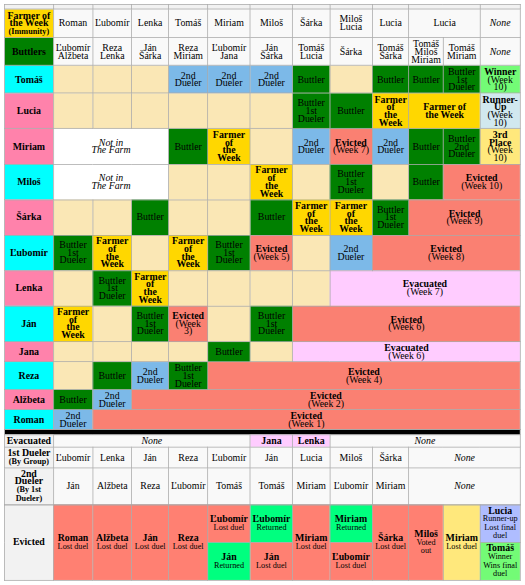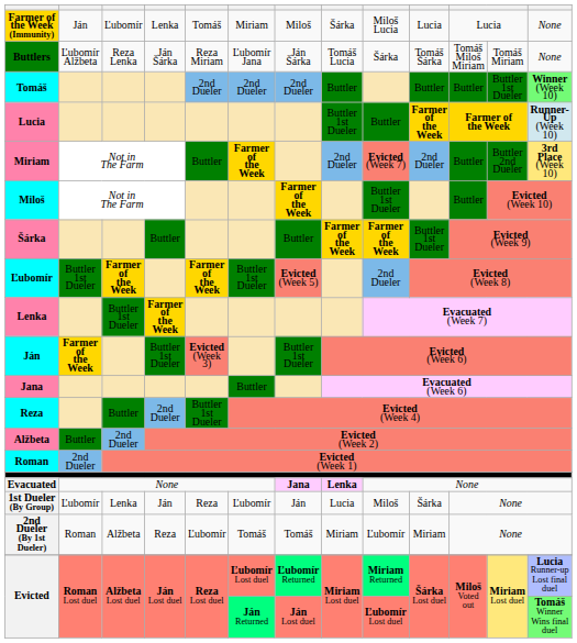 <table class="wikitable" style="text-align:center; width:80%; font-size:80%; line-height:10px">
 <tr>
 <th></th>
 <th></th>
 <th></th>
 <th></th>
 <th></th>
 <th></th>
 <th></th>
 <th></th>
 <th></th>
 <th></th>
 <th colspan=2></th>
 <th></th>
 </tr>
 <tr>
 <th style="background:gold;" colspan=1>Farmer of the Week<br><small>(Immunity)</small></th>
-<td>Roman</td>
+<td>Ján</td>
 <td>Ľubomír</td>
 <td>Lenka</td>
 <td>Tomáš</td>
 <td>Miriam</td>
 <td>Miloš</td>
 <td>Šárka</td>
 <td>Miloš<br>Lucia</td>
 <td>Lucia</td>
 <td colspan=2>Lucia</td>
 <td><em>None</em></td>
 </tr>
 <tr>
 <th style="background:#008000;">Buttlers</th>
 <td>Ľubomír<br>Alžbeta</td>
 <td>Reza<br>Lenka</td>
 <td>Ján<br>Šárka</td>
 <td>Reza<br>Miriam</td>
 <td>Ľubomír<br>Jana</td>
 <td>Ján<br>Šárka</td>
 <td>Tomáš<br>Lucia</td>
 <td>Šárka</td>
 <td>Tomáš<br>Šárka</td>
 <td>Tomáš<br>Miloš<br>Miriam</td>
 <td>Tomáš<br>Miriam</td>
 <td colspan=2><em>None</em></td>
 </tr>
 <tr>
 <th style="background:cyan;">Tomáš</th>
 <td style="background:#FAE7B5;"></td>
 <td style="background:#FAE7B5;"></td>
 <td style="background:#FAE7B5;"></td>
 <td style="background:#7CB9E8;">2nd Dueler</td>
 <td style="background:#7CB9E8;">2nd Dueler</td>
 <td style="background:#7CB9E8;">2nd Dueler</td>
 <td style="background:#008000;">Buttler</td>
 <td style="background:#FAE7B5;"></td>
 <td style="background:#008000;">Buttler</td>
 <td style="background:#008000;">Buttler</td>
 <td style="background:#008000;">Buttler<br>1st Dueler</td>
 <td style="background:#73FB76" colspan=2><strong>Winner</strong> <br> (Week 10)</td>
 </tr>
 <tr>
 <th style="background:#FF82AB;">Lucia</th>
 <td style="background:#FAE7B5;"></td>
 <td style="background:#FAE7B5;"></td>
 <td style="background:#FAE7B5;"></td>
 <td style="background:#FAE7B5;"></td>
 <td style="background:#FAE7B5;"></td>
 <td style="background:#FAE7B5;"></td>
 <td style="background:#008000;">Buttler<br>1st Dueler</td>
 <td style="background:#008000;">Buttler</td>
 <td style="background:gold;"><strong>Farmer of<br>the Week</strong></td>
 <td colspan=2 style="background:gold;"><strong>Farmer of<br>the Week</strong></td>
 <td style="background:#D1E8EF" colspan=2><strong>Runner-Up</strong> <br> (Week 10)</td>
 </tr>
 <tr>
 <th style="background:#FF82AB;">Miriam</th>
 <td style="background:#FFFFFF; text-align:center;" colspan=3><em>Not in<br>The Farm</em></td>
 <td style="background:#008000;">Buttler</td>
 <td style="background:gold;"><strong>Farmer of<br>the Week</strong></td>
 <td style="background:#FAE7B5;"></td>
 <td style="background:#7CB9E8;">2nd Dueler</td>
 <td colspan=1 style="background:salmon;"><strong>Evicted</strong> <br> (Week 7)</td>
 <td style="background:#7CB9E8;">2nd Dueler</td>
 <td style="background:#008000;">Buttler</td>
 <td style="background:#008000;">Buttler<br>2nd Dueler</td>
 <td style="background:#FFE87C" colspan=2><strong>3rd Place</strong> <br> (Week 10)</td>
 </tr>
 <tr>
 <th style="background:cyan;">Miloš</th>
 <td style="background:#FFFFFF; text-align:center;" colspan=3><em>Not in<br>The Farm</em></td>
 <td style="background:#FAE7B5;"></td>
 <td style="background:#FAE7B5;"></td>
 <td style="background:gold;"><strong>Farmer of<br>the Week</strong></td>
 <td style="background:#FAE7B5;"></td>
 <td style="background:#008000;">Buttler<br>1st Dueler</td>
 <td style="background:#FAE7B5;"></td>
 <td style="background:#008000;">Buttler</td>
 <td colspan=17 style="background:salmon;"><strong>Evicted</strong> <br> (Week 10)</td>
 </tr>
 <tr>
 <th style="background:#FF82AB;">Šárka</th>
 <td style="background:#FAE7B5;"></td>
 <td style="background:#FAE7B5;"></td>
 <td style="background:#008000;">Buttler</td>
 <td style="background:#FAE7B5;"></td>
 <td style="background:#FAE7B5;"></td>
 <td style="background:#008000;">Buttler</td>
 <td style="background:gold;"><strong>Farmer of<br>the Week</strong></td>
 <td style="background:gold;"><strong>Farmer of<br>the Week</strong></td>
 <td style="background:#008000;">Buttler<br>1st Dueler</td>
 <td colspan=17 style="background:salmon;"><strong>Evicted</strong> <br> (Week 9)</td>
 </tr>
 <tr>
 <th style="background:cyan;">Ľubomír</th>
 <td style="background:#008000;">Buttler<br>1st Dueler</td>
 <td style="background:gold;"><strong>Farmer of<br>the Week</strong></td>
 <td style="background:#FAE7B5;"></td>
 <td style="background:gold;"><strong>Farmer of<br>the Week</strong></td>
 <td style="background:#008000;">Buttler<br>1st Dueler</td>
 <td colspan=1 style="background:salmon;"><strong>Evicted</strong> <br> (Week 5)</td>
 <td style="background:#FAE7B5;"></td>
 <td style="background:#7CB9E8;">2nd Dueler</td>
 <td colspan=17 style="background:salmon;"><strong>Evicted</strong> <br> (Week 8)</td>
 </tr>
 <tr>
 <th style="background:#FF82AB;">Lenka</th>
 <td style="background:#FAE7B5;"></td>
 <td style="background:#008000;">Buttler<br>1st Dueler</td>
 <td style="background:gold;"><strong>Farmer of<br>the Week</strong></td>
 <td style="background:#FAE7B5;"></td>
 <td style="background:#FAE7B5;"></td>
 <td style="background:#FAE7B5;"></td>
 <td style="background:#FAE7B5;"></td>
 <td style="background:#fcf; text-align:center;" colspan=16><strong>Evacuated</strong> <br> (Week 7)</td>
 </tr>
 <tr>
 <th style="background:cyan;">Ján</th>
 <td style="background:gold;"><strong>Farmer of<br>the Week</strong></td>
 <td style="background:#FAE7B5;"></td>
 <td style="background:#008000;">Buttler<br>1st Dueler</td>
 <td colspan=1 style="background:salmon;"><strong>Evicted</strong> <br> (Week 3)</td>
 <td style="background:#FAE7B5;"></td>
 <td style="background:#008000;">Buttler<br>1st Dueler</td>
 <td colspan=17 style="background:salmon;"><strong>Evicted</strong> <br> (Week 6)</td>
 </tr>
 <tr>
 <th style="background:#FF82AB;">Jana</th>
 <td style="background:#FAE7B5;"></td>
 <td style="background:#FAE7B5;"></td>
 <td style="background:#FAE7B5;"></td>
 <td style="background:#FAE7B5;"></td>
 <td style="background:#008000;">Buttler</td>
 <td style="background:#FAE7B5;"></td>
 <td style="background:#fcf; text-align:center;" colspan=16><strong>Evacuated</strong> <br> (Week 6)</td>
 </tr>
 <tr>
 <th style="background:cyan;">Reza</th>
 <td style="background:#FAE7B5;"></td>
 <td style="background:#008000;">Buttler</td>
 <td style="background:#7CB9E8;">2nd Dueler</td>
 <td style="background:#008000;">Buttler<br>1st Dueler</td>
 <td colspan=17 style="background:salmon;"><strong>Evicted</strong> <br> (Week 4)</td>
 </tr>
 <tr>
 <th style="background:#FF82AB;">Alžbeta</th>
 <td style="background:#008000;">Buttler</td>
 <td style="background:#7CB9E8;">2nd Dueler</td>
 <td colspan=17 style="background:salmon;"><strong>Evicted</strong> <br> (Week 2)</td>
 </tr>
 <tr>
 <th style="background:cyan;">Roman</th>
 <td style="background:#7CB9E8;">2nd Dueler</td>
 <td colspan=17 style="background:salmon;"><strong>Evicted</strong> <br> (Week 1)</td>
 </tr>
 <tr>
 </tr>
 <tr>
 <th style="background:#000000;" colspan="19"></th>
 </tr>
 <tr>
 <th>Evacuated</th>
 <td colspan="5"><em>None</em></td>
 <td style="background:#fcf;"><strong>Jana</strong></td>
 <td style="background:#fcf;"><strong>Lenka</strong></td>
 <td colspan="10"><em>None</em></td>
 </tr>
 <tr>
 <th>1st Dueler<br><small>(By Group)</small></th>
 <td>Ľubomír</td>
 <td>Lenka</td>
 <td>Ján</td>
 <td>Reza</td>
 <td>Ľubomír</td>
 <td>Ján</td>
 <td>Lucia</td>
 <td>Miloš</td>
 <td>Šárka</td>
 <td colspan=3><em>None</em></td>
 </tr>
 <tr>
 <th>2nd Dueler<br><small>(By 1st Dueler)</small></th>
-<td>Ján</td>
+<td>Roman</td>
 <td>Alžbeta</td>
 <td>Reza</td>
 <td>Ľubomír</td>
 <td>Tomáš</td>
 <td>Tomáš</td>
 <td>Miriam</td>
 <td>Ľubomír</td>
 <td>Miriam</td>
 <td colspan=3><em>None</em></td>
 </tr>
 <tr>
 </tr>
 <tr>
 <th rowspan="2">Evicted</th>
 <td rowspan="2" style="background:#FF8072"><strong>Roman</strong><br><small>Lost duel</small></td>
 <td rowspan="2" style="background:#FF8072"><strong>Alžbeta</strong><br><small>Lost duel</small></td>
 <td rowspan="2" style="background:#FF8072"><strong>Ján</strong><br><small>Lost duel</small></td>
 <td rowspan="2" style="background:#FF8072"><strong>Reza</strong><br><small>Lost duel</small></td>
 <td style="background:#FF8072"><strong>Ľubomír</strong><br><small>Lost duel</small></td>
 <td style="background:#00FF7F"><strong>Ľubomír</strong><br><small>Returned</small></td>
 <td rowspan="2" style="background:#FF8072"><strong>Miriam</strong><br><small>Lost duel</small></td>
 <td style="background:#00FF7F"><strong>Miriam</strong><br><small>Returned</small></td>
 <td rowspan="2" style="background:#FF8072"><strong>Šárka</strong><br><small>Lost duel</small></td>
 <td rowspan="2" style="background:#FF8072"><strong>Miloš</strong><br><small>Voted out</small></td>
 <td rowspan="2" style="background:#FFE87C"><strong>Miriam</strong><br><small>Lost duel</small></td>
 <td style="background:#afbdff"><strong>Lucia</strong><br><small>Runner-up<br>Lost final duel</small></td>
 </tr>
 <tr>
 <td style="background:#00FF7F"><strong>Ján</strong><br><small>Returned</small></td>
 <td style="background:#FF8072"><strong>Ján</strong><br><small>Lost duel</small></td>
 <td style="background:#FF8072"><strong>Ľubomír</strong><br><small>Lost duel</small></td>
 <td style="background:#73FB76"><strong>Tomáš</strong><br><small>Winner<br>Wins final duel</small></td>
 </tr>
 </table>
